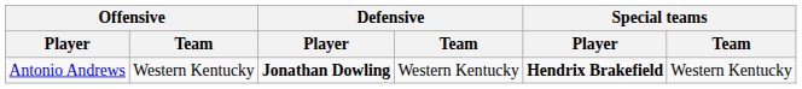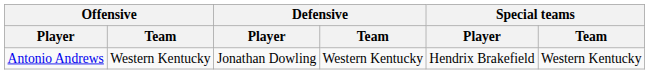 <table class="wikitable">
 <tr>
 <th colspan="2">Offensive</th>
 <th colspan="2">Defensive</th>
 <th colspan="2">Special teams</th>
 </tr>
 <tr>
 <th>Player</th>
 <th>Team</th>
 <th>Player</th>
 <th>Team</th>
 <th>Player</th>
 <th>Team</th>
 </tr>
 <tr>
 <td><a href='#'>Antonio Andrews</a></td>
 <td>Western Kentucky</td>
-<td><strong>Jonathan Dowling</strong></td>
+<td>Jonathan Dowling</td>
 <td>Western Kentucky</td>
-<td><strong>Hendrix Brakefield</strong></td>
+<td>Hendrix Brakefield</td>
 <td>Western Kentucky</td>
 </tr>
 </table>
